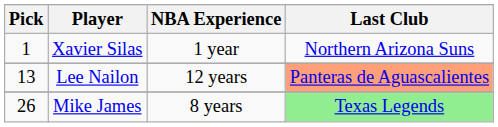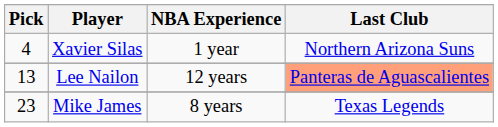 <table class="wikitable sortable sortable">
 <tr>
 </tr>
 <tr style="text-align: center">
 <th>Pick</th>
 <th>Player</th>
 <th>NBA Experience</th>
 <th>Last Club</th>
 </tr>
 <tr style="text-align: center">
-<td>1</td>
+<td>4</td>
 <td><a href='#'>Xavier Silas</a></td>
 <td>1 year</td>
 <td> <a href='#'>Northern Arizona Suns</a></td>
 </tr>
 <tr>
 </tr>
 <tr style="text-align: center">
 <td>13</td>
 <td><a href='#'>Lee Nailon</a></td>
 <td>12 years</td>
 <td style="background: lightsalmon;"> <a href='#'>Panteras de Aguascalientes</a></td>
 </tr>
 <tr>
 </tr>
 <tr style="text-align: center">
-<td>26</td>
+<td>23</td>
 <td><a href='#'>Mike James</a></td>
 <td>8 years</td>
-<td style="background: lightgreen;"> <a href='#'>Texas Legends</a></td>
+<td> <a href='#'>Texas Legends</a></td>
 </tr>
 </table>
